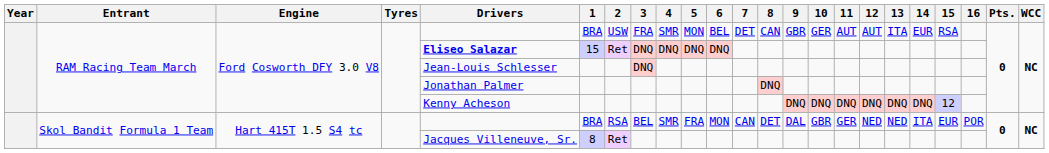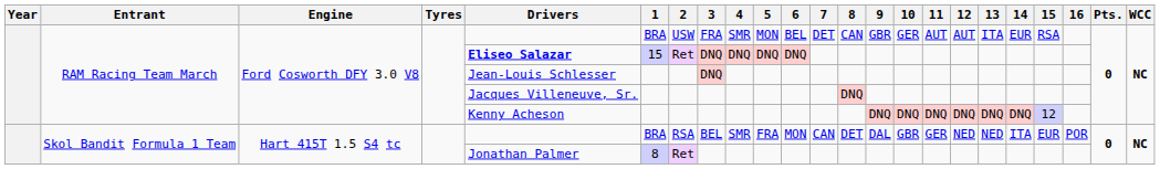 <table class="wikitable" style="text-align:center; font-size:95%">
 <tr>
 <th>Year</th>
 <th>Entrant</th>
 <th>Engine</th>
 <th>Tyres</th>
 <th>Drivers</th>
 <th>1</th>
 <th>2</th>
 <th>3</th>
 <th>4</th>
 <th>5</th>
 <th>6</th>
 <th>7</th>
 <th>8</th>
 <th>9</th>
 <th>10</th>
 <th>11</th>
 <th>12</th>
 <th>13</th>
 <th>14</th>
 <th>15</th>
 <th>16</th>
 <th>Pts.</th>
 <th>WCC</th>
 </tr>
 <tr>
 <th rowspan="5"></th>
 <td rowspan="5"><a href='#'>RAM Racing Team March</a></td>
 <td rowspan="5"><a href='#'>Ford</a> <a href='#'>Cosworth DFY</a> 3.0 <a href='#'>V8</a></td>
 <td rowspan="5"></td>
 <td></td>
 <td><a href='#'>BRA</a></td>
 <td><a href='#'>USW</a></td>
 <td><a href='#'>FRA</a></td>
 <td><a href='#'>SMR</a></td>
 <td><a href='#'>MON</a></td>
 <td><a href='#'>BEL</a></td>
 <td><a href='#'>DET</a></td>
 <td><a href='#'>CAN</a></td>
 <td><a href='#'>GBR</a></td>
 <td><a href='#'>GER</a></td>
 <td><a href='#'>AUT</a></td>
 <td><a href='#'>AUT</a></td>
 <td><a href='#'>ITA</a></td>
 <td><a href='#'>EUR</a></td>
 <td><a href='#'>RSA</a></td>
 <td></td>
 <td rowspan="5"><strong>0</strong></td>
 <td rowspan="5"><strong>NC</strong></td>
 </tr>
 <tr>
 <td align="left"><strong><a href='#'>Eliseo Salazar</a></strong></td>
 <td style="background:#cfcfff;">15</td>
 <td style="background:#efcfff;">Ret</td>
 <td style="background:#ffcfcf;">DNQ</td>
 <td style="background:#ffcfcf;">DNQ</td>
 <td style="background:#ffcfcf;">DNQ</td>
 <td style="background:#ffcfcf;">DNQ</td>
 <td></td>
 <td></td>
 <td></td>
 <td></td>
 <td></td>
 <td></td>
 <td></td>
 <td></td>
 <td></td>
 <td></td>
 </tr>
 <tr>
 <td align="left"><a href='#'>Jean-Louis Schlesser</a></td>
 <td></td>
 <td></td>
 <td style="background:#ffcfcf;">DNQ</td>
 <td></td>
 <td></td>
 <td></td>
 <td></td>
 <td></td>
 <td></td>
 <td></td>
 <td></td>
 <td></td>
 <td></td>
 <td></td>
 <td></td>
 <td></td>
 </tr>
 <tr>
-<td align="left"><a href='#'>Jonathan Palmer</a></td>
+<td align="left"><a href='#'>Jacques Villeneuve, Sr.</a></td>
 <td></td>
 <td></td>
 <td></td>
 <td></td>
 <td></td>
 <td></td>
 <td></td>
 <td style="background:#ffcfcf;">DNQ</td>
 <td></td>
 <td></td>
 <td></td>
 <td></td>
 <td></td>
 <td></td>
 <td></td>
 <td></td>
 </tr>
 <tr>
 <td align="left"><a href='#'>Kenny Acheson</a></td>
 <td></td>
 <td></td>
 <td></td>
 <td></td>
 <td></td>
 <td></td>
 <td></td>
 <td></td>
 <td style="background:#ffcfcf;">DNQ</td>
 <td style="background:#ffcfcf;">DNQ</td>
 <td style="background:#ffcfcf;">DNQ</td>
 <td style="background:#ffcfcf;">DNQ</td>
 <td style="background:#ffcfcf;">DNQ</td>
 <td style="background:#ffcfcf;">DNQ</td>
 <td style="background:#cfcfff;">12</td>
 <td></td>
 </tr>
 <tr>
 <th rowspan="2"></th>
 <td rowspan="2"><a href='#'>Skol Bandit</a> <a href='#'>Formula 1 Team</a></td>
 <td rowspan="2"><a href='#'>Hart 415T</a> 1.5 <a href='#'>S4</a> <a href='#'>tc</a></td>
 <td rowspan="2"></td>
 <td></td>
 <td><a href='#'>BRA</a></td>
 <td><a href='#'>RSA</a></td>
 <td><a href='#'>BEL</a></td>
 <td><a href='#'>SMR</a></td>
 <td><a href='#'>FRA</a></td>
 <td><a href='#'>MON</a></td>
 <td><a href='#'>CAN</a></td>
 <td><a href='#'>DET</a></td>
 <td><a href='#'>DAL</a></td>
 <td><a href='#'>GBR</a></td>
 <td><a href='#'>GER</a></td>
 <td><a href='#'>NED</a></td>
 <td><a href='#'>NED</a></td>
 <td><a href='#'>ITA</a></td>
 <td><a href='#'>EUR</a></td>
 <td><a href='#'>POR</a></td>
 <td rowspan="2"><strong>0</strong></td>
 <td rowspan="2"><strong>NC</strong></td>
 </tr>
 <tr>
-<td align="left"><a href='#'>Jacques Villeneuve, Sr.</a></td>
+<td align="left"><a href='#'>Jonathan Palmer</a></td>
 <td style="background:#cfcfff;">8</td>
 <td style="background:#efcfff;">Ret</td>
 <td></td>
 <td></td>
 <td></td>
 <td></td>
 <td></td>
 <td></td>
 <td></td>
 <td></td>
 <td></td>
 <td></td>
 <td></td>
 <td></td>
 <td></td>
 <td></td>
 </tr>
 </table>
